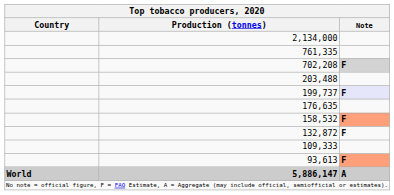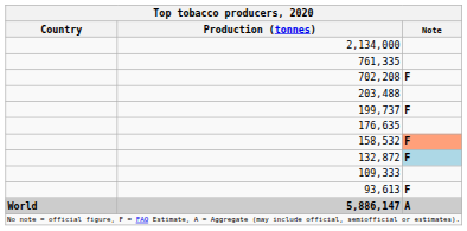 <table class="wikitable" style="float:right; margin: 0 0 0.5em 1em">
 <tr>
 <th colspan=3>Top tobacco producers, 2020</th>
 </tr>
 <tr>
 <th>Country</th>
 <th>Production (<a href='#'>tonnes</a>)</th>
 <th><small>Note</small></th>
 </tr>
 <tr>
 <td></td>
 <td align=right>2,134,000</td>
 <td></td>
 </tr>
 <tr>
 <td></td>
 <td align=right>761,335</td>
 <td></td>
 </tr>
 <tr>
 <td></td>
 <td align=right>702,208</td>
-<td style="background: lightgrey;"><strong>F</strong></td>
+<td><strong>F</strong></td>
 </tr>
 <tr>
 <td></td>
 <td align=right>203,488</td>
 <td></td>
 </tr>
 <tr>
 <td></td>
 <td align=right>199,737</td>
-<td style="background: lavender;"><strong>F</strong></td>
+<td><strong>F</strong></td>
 </tr>
 <tr>
 <td></td>
 <td align=right>176,635</td>
 <td></td>
 </tr>
 <tr>
 <td></td>
 <td align=right>158,532</td>
 <td style="background: lightsalmon;"><strong>F</strong></td>
 </tr>
 <tr>
 <td></td>
 <td align=right>132,872</td>
-<td><strong>F</strong></td>
+<td style="background: lightblue;"><strong>F</strong></td>
 </tr>
 <tr>
 <td></td>
 <td align=right>109,333</td>
 <td></td>
 </tr>
 <tr>
 <td></td>
 <td align=right>93,613</td>
-<td style="background: lightsalmon;"><strong>F</strong></td>
+<td><strong>F</strong></td>
 </tr>
 <tr style="background:#ccc;">
 <td><strong>World</strong></td>
 <td align=right><strong>5,886,147</strong></td>
 <td><strong>A</strong></td>
 </tr>
 <tr>
 <td colspan=5 style="font-size:.7em">No note = official figure, F = <a href='#'>FAO</a> Estimate, A = Aggregate (may include official, semiofficial or estimates).</td>
 </tr>
 </table>
